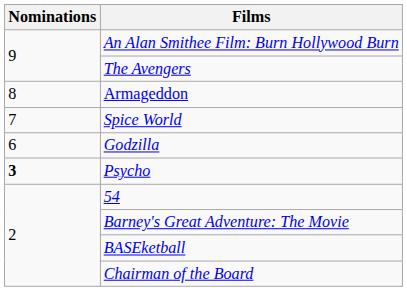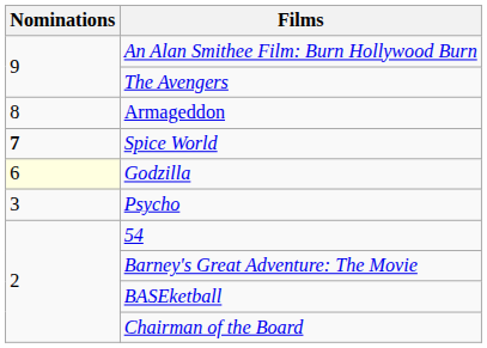 <table class="wikitable">
 <tr>
 <th>Nominations</th>
 <th>Films</th>
 </tr>
 <tr>
 <td rowspan="2">9</td>
 <td><em><a href='#'>An Alan Smithee Film: Burn Hollywood Burn</a></em></td>
 </tr>
 <tr>
 <td><a href='#'><em>The Avengers</em></a></td>
 </tr>
 <tr>
 <td>8</td>
 <td><em><a href='#'></em>Armageddon<em></a></em></td>
 </tr>
 <tr>
-<td>7</td>
+<td><strong>7</strong></td>
 <td><a href='#'><em>Spice World</em></a></td>
 </tr>
 <tr>
-<td>6</td>
+<td style="background: lightyellow;">6</td>
 <td><a href='#'><em>Godzilla</em></a></td>
 </tr>
 <tr>
-<td><strong>3</strong></td>
+<td>3</td>
 <td><a href='#'><em>Psycho</em></a></td>
 </tr>
 <tr>
 <td rowspan="4">2</td>
 <td><a href='#'><em>54</em></a></td>
 </tr>
 <tr>
 <td><a href='#'><em>Barney's Great Adventure: The Movie</em></a></td>
 </tr>
 <tr>
 <td><em><a href='#'>BASEketball</a></em></td>
 </tr>
 <tr>
 <td><a href='#'><em>Chairman of the Board</em></a></td>
 </tr>
 </table>
